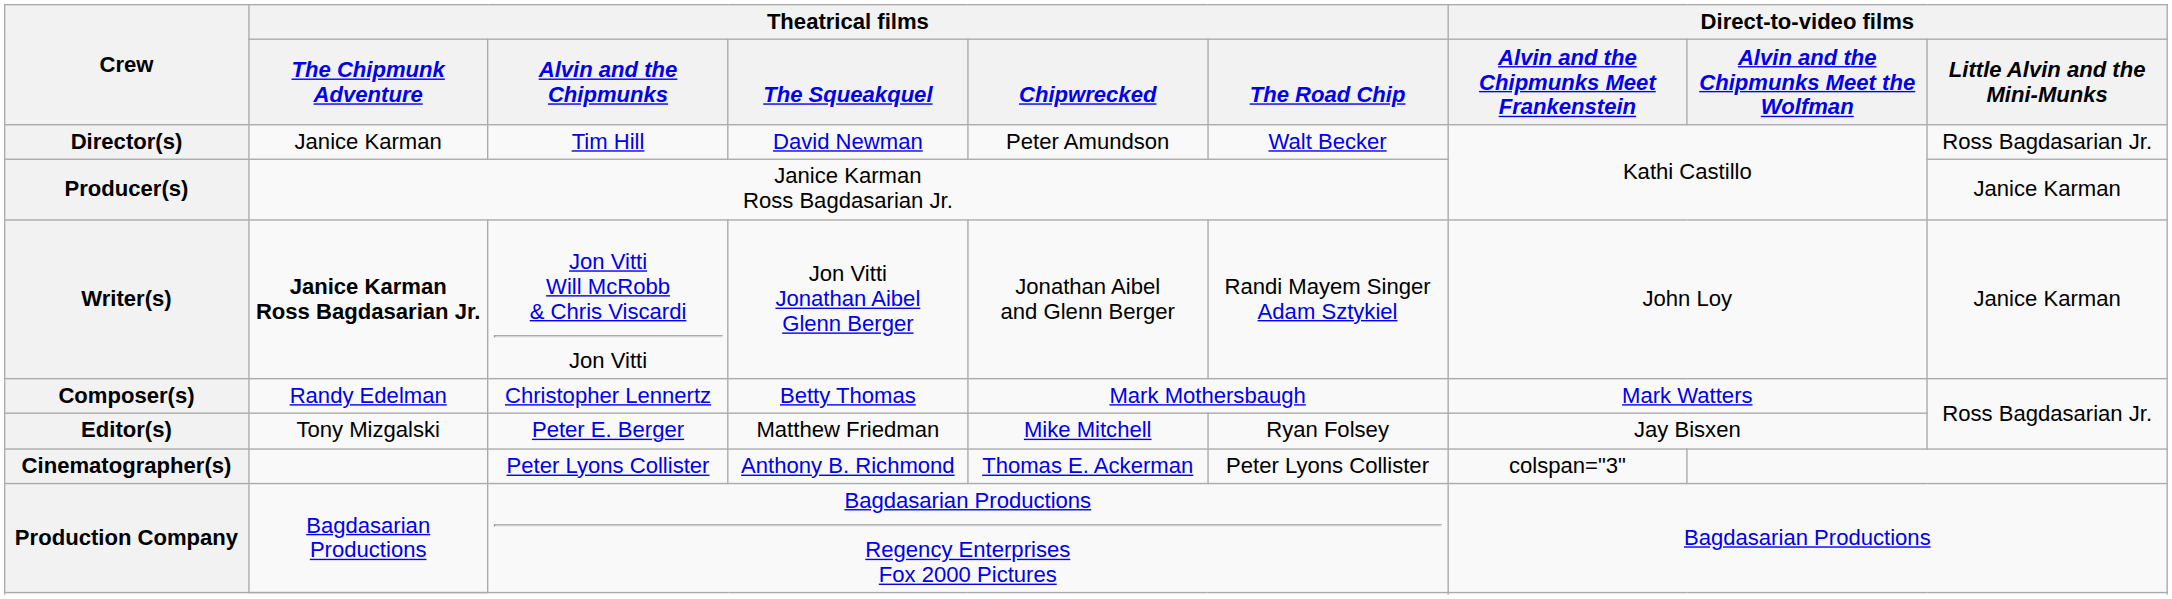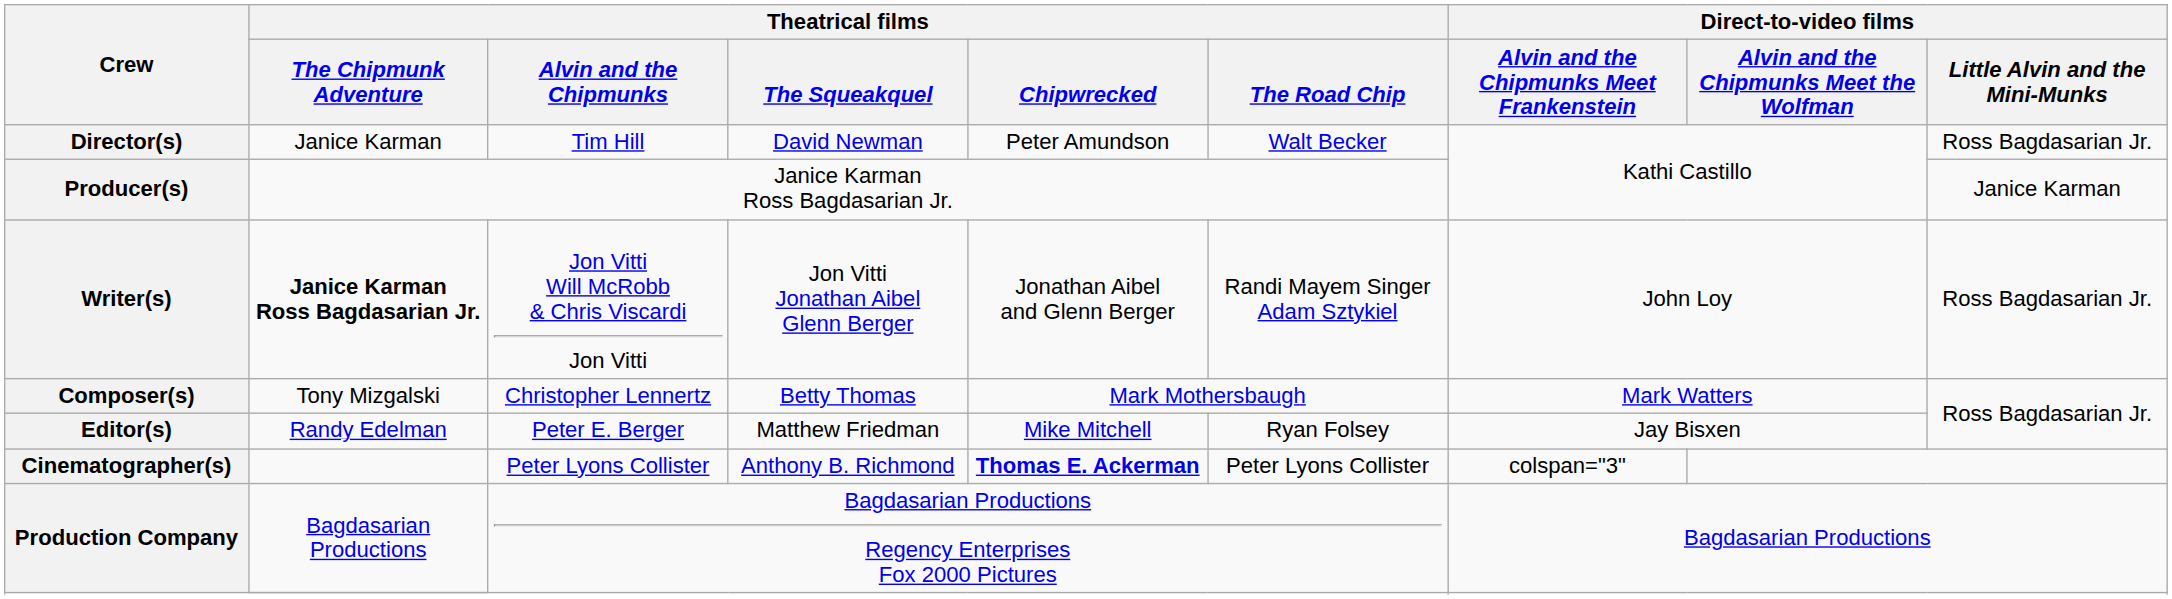 <table class="wikitable" style="text-align:center;">
 <tr>
 <th rowspan="2" width="10%">Crew</th>
 <th colspan="5">Theatrical films</th>
 <th colspan="3">Direct-to-video films</th>
 </tr>
 <tr>
 <th width="10%"><em><a href='#'>The Chipmunk Adventure</a></em></th>
 <th width="10%"><em><a href='#'>Alvin and the Chipmunks</a></em></th>
 <th width="10%"><em><a href='#'> <br>The Squeakquel</a></em></th>
 <th width="10%"><em><a href='#'> <br>Chipwrecked</a></em></th>
 <th width="10%"><em><a href='#'> <br>The Road Chip</a></em></th>
 <th width="10%"><em><a href='#'>Alvin and the Chipmunks Meet Frankenstein</a></em></th>
 <th width="10%"><em><a href='#'>Alvin and the Chipmunks Meet the Wolfman</a></em></th>
 <th width="10%"><em>Little Alvin and the Mini-Munks</em></th>
 </tr>
 <tr>
 <th>Director(s)</th>
 <td>Janice Karman</td>
 <td><a href='#'>Tim Hill</a></td>
 <td><a href='#'>David Newman</a></td>
 <td>Peter Amundson</td>
 <td><a href='#'>Walt Becker</a></td>
 <td rowspan="2" colspan="2">Kathi Castillo</td>
 <td>Ross Bagdasarian Jr.</td>
 </tr>
 <tr>
 <th>Producer(s)</th>
 <td colspan="5">Janice Karman <br>Ross Bagdasarian Jr.</td>
 <td>Janice Karman</td>
 </tr>
 <tr>
 <th>Writer(s)</th>
 <td><strong>Janice Karman <br>Ross Bagdasarian Jr.</strong></td>
 <td> <br><a href='#'>Jon Vitti</a> <br><a href='#'>Will McRobb <br>& Chris Viscardi</a><hr> Jon Vitti</td>
 <td>Jon Vitti <br><a href='#'>Jonathan Aibel <br>Glenn Berger</a></td>
 <td>Jonathan Aibel <br>and Glenn Berger</td>
 <td>Randi Mayem Singer <br><a href='#'>Adam Sztykiel</a></td>
 <td colspan="2">John Loy</td>
-<td>Janice Karman</td>
+<td>Ross Bagdasarian Jr.</td>
 </tr>
 <tr>
 <th>Composer(s)</th>
-<td><a href='#'>Randy Edelman</a></td>
+<td>Tony Mizgalski</td>
 <td><a href='#'>Christopher Lennertz</a></td>
 <td><a href='#'>Betty Thomas</a></td>
 <td colspan="2"><a href='#'>Mark Mothersbaugh</a></td>
 <td colspan="2"><a href='#'>Mark Watters</a></td>
 <td rowspan="2">Ross Bagdasarian Jr.</td>
 </tr>
 <tr>
 <th>Editor(s)</th>
-<td>Tony Mizgalski</td>
+<td><a href='#'>Randy Edelman</a></td>
 <td><a href='#'>Peter E. Berger</a></td>
 <td>Matthew Friedman</td>
 <td><a href='#'>Mike Mitchell</a></td>
 <td>Ryan Folsey</td>
 <td colspan="2">Jay Bisxen</td>
 </tr>
 <tr>
 <th>Cinematographer(s)</th>
 <td></td>
 <td><a href='#'>Peter Lyons Collister</a></td>
 <td><a href='#'>Anthony B. Richmond</a></td>
-<td><a href='#'>Thomas E. Ackerman</a></td>
+<td><strong><a href='#'>Thomas E. Ackerman</a></strong></td>
 <td>Peter Lyons Collister</td>
 <td>colspan="3" </td>
 </tr>
 <tr>
 <th rowspan="2">Production Company</th>
 <td rowspan="1"><a href='#'>Bagdasarian Productions</a></td>
 <td rowspan="2" colspan="4"><a href='#'>Bagdasarian Productions</a><hr><a href='#'>Regency Enterprises</a><br><a href='#'>Fox 2000 Pictures</a></td>
 <td rowspan="2" colspan="3"><a href='#'>Bagdasarian Productions</a></td>
 </tr>
 <tr>
 </tr>
 </table>
